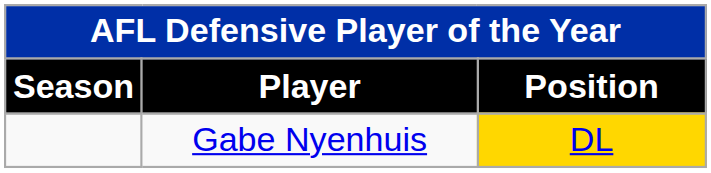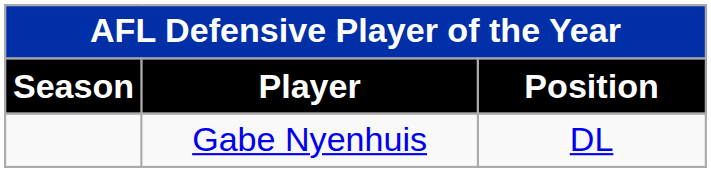 <table class="wikitable sortable" style="text-align:center">
 <tr>
 <td colspan="4" style="background:#002FA7; color:white;"><strong>AFL Defensive Player of the Year</strong></td>
 </tr>
 <tr>
 <th style="width:50px; background:black; color:white;">Season</th>
 <th style="width:150px; background:black; color:white;">Player</th>
 <th style="width:100px; background:black; color:white;">Position</th>
 </tr>
 <tr>
 <td></td>
 <td><a href='#'>Gabe Nyenhuis</a></td>
-<td style="background: gold;"><a href='#'>DL</a></td>
+<td><a href='#'>DL</a></td>
 </tr>
 </table>
